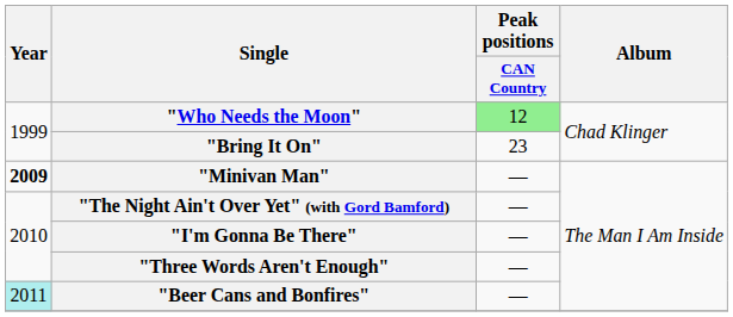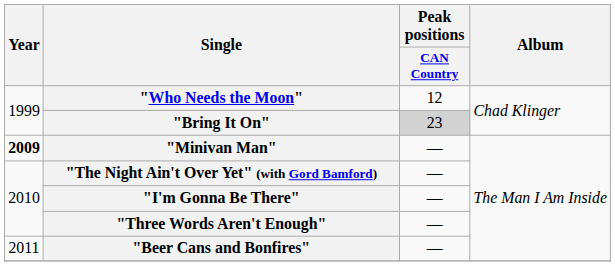 <table class="wikitable plainrowheaders" style="text-align:center;">
 <tr>
 <th rowspan="2">Year</th>
 <th rowspan="2" style="width:22em;">Single</th>
 <th>Peak positions</th>
 <th rowspan="2">Album</th>
 </tr>
 <tr style="font-size:smaller;">
 <th width="65"><a href='#'>CAN Country</a></th>
 </tr>
 <tr>
 <td rowspan="2">1999</td>
 <th scope="row">"<a href='#'>Who Needs the Moon</a>"</th>
-<td style="background: lightgreen;">12</td>
+<td>12</td>
 <td align="left" rowspan="2"><em>Chad Klinger</em></td>
 </tr>
 <tr>
 <th scope="row">"Bring It On"</th>
-<td>23</td>
+<td style="background: lightgrey;">23</td>
 </tr>
 <tr>
 <td><strong>2009</strong></td>
 <th scope="row">"Minivan Man"</th>
 <td>—</td>
 <td align="left" rowspan="5"><em>The Man I Am Inside</em></td>
 </tr>
 <tr>
 <td rowspan="3">2010</td>
 <th scope="row">"The Night Ain't Over Yet" <small>(with <a href='#'>Gord Bamford</a>)</small></th>
 <td>—</td>
 </tr>
 <tr>
 <th scope="row">"I'm Gonna Be There"</th>
 <td>—</td>
 </tr>
 <tr>
 <th scope="row">"Three Words Aren't Enough"</th>
 <td>—</td>
 </tr>
 <tr>
-<td style="background: paleturquoise;">2011</td>
+<td>2011</td>
 <th scope="row">"Beer Cans and Bonfires"</th>
 <td>—</td>
 </tr>
 <tr>
 </tr>
 </table>
